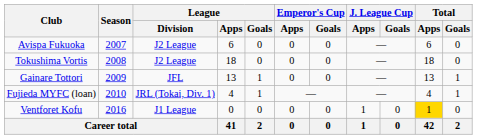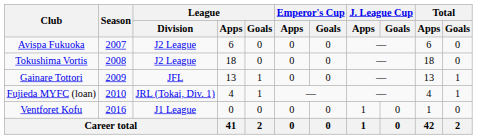 <table class="wikitable" style="text-align:center">
 <tr>
 <th rowspan="2">Club</th>
 <th rowspan="2">Season</th>
 <th colspan="3">League</th>
 <th colspan="2"><a href='#'>Emperor's Cup</a></th>
 <th colspan="2"><a href='#'>J. League Cup</a></th>
 <th colspan="2">Total</th>
 </tr>
 <tr>
 <th>Division</th>
 <th>Apps</th>
 <th>Goals</th>
 <th>Apps</th>
 <th>Goals</th>
 <th>Apps</th>
 <th>Goals</th>
 <th>Apps</th>
 <th>Goals</th>
 </tr>
 <tr>
 <td><a href='#'>Avispa Fukuoka</a></td>
 <td><a href='#'>2007</a></td>
 <td><a href='#'>J2 League</a></td>
 <td>6</td>
 <td>0</td>
 <td>0</td>
 <td>0</td>
 <td colspan="2">—</td>
 <td>6</td>
 <td>0</td>
 </tr>
 <tr>
 <td><a href='#'>Tokushima Vortis</a></td>
 <td><a href='#'>2008</a></td>
 <td><a href='#'>J2 League</a></td>
 <td>18</td>
 <td>0</td>
 <td>0</td>
 <td>0</td>
 <td colspan="2">—</td>
 <td>18</td>
 <td>0</td>
 </tr>
 <tr>
 <td><a href='#'>Gainare Tottori</a></td>
 <td><a href='#'>2009</a></td>
 <td><a href='#'>JFL</a></td>
 <td>13</td>
 <td>1</td>
 <td>0</td>
 <td>0</td>
 <td colspan="2">—</td>
 <td>13</td>
 <td>1</td>
 </tr>
 <tr>
 <td><a href='#'>Fujieda MYFC</a> (loan)</td>
 <td><a href='#'>2010</a></td>
 <td><a href='#'>JRL (Tokai, Div. 1)</a></td>
 <td>4</td>
 <td>1</td>
 <td colspan="2">—</td>
 <td colspan="2">—</td>
 <td>4</td>
 <td>1</td>
 </tr>
 <tr>
 <td><a href='#'>Ventforet Kofu</a></td>
 <td><a href='#'>2016</a></td>
 <td><a href='#'>J1 League</a></td>
 <td>0</td>
 <td>0</td>
 <td>0</td>
 <td>0</td>
 <td>1</td>
 <td>0</td>
-<td style="background: gold;">1</td>
+<td>1</td>
 <td>0</td>
 </tr>
 <tr>
 <th colspan=3>Career total</th>
 <th>41</th>
 <th>2</th>
 <th>0</th>
 <th>0</th>
 <th>1</th>
 <th>0</th>
 <th>42</th>
 <th>2</th>
 </tr>
 </table>
